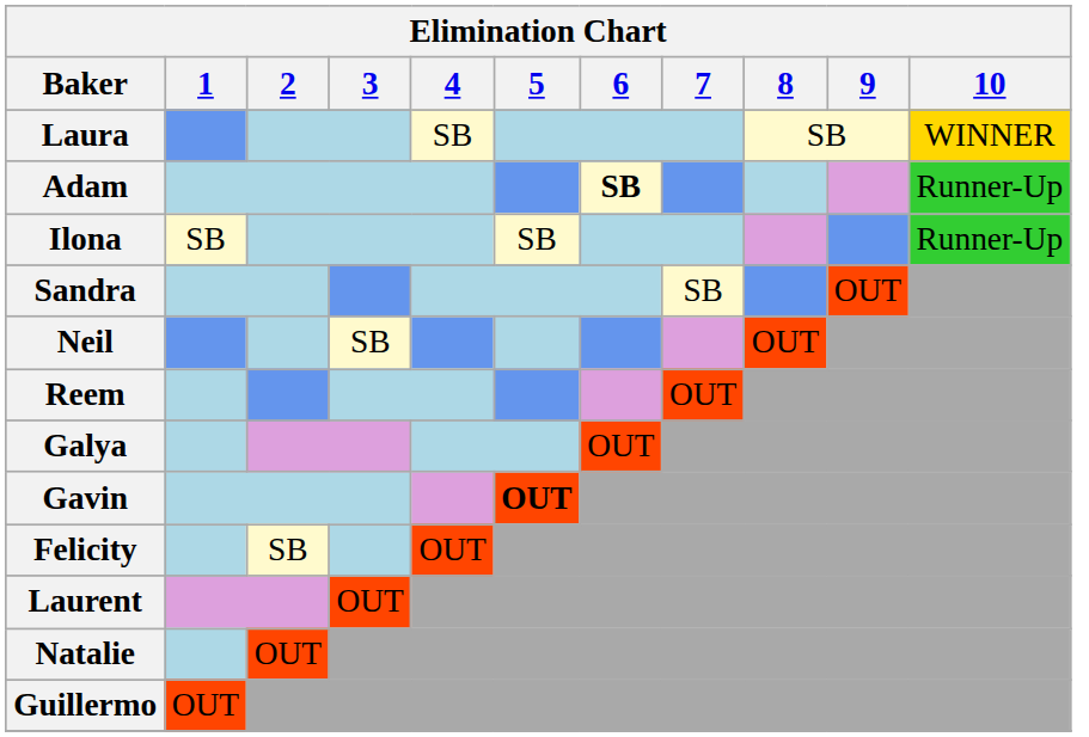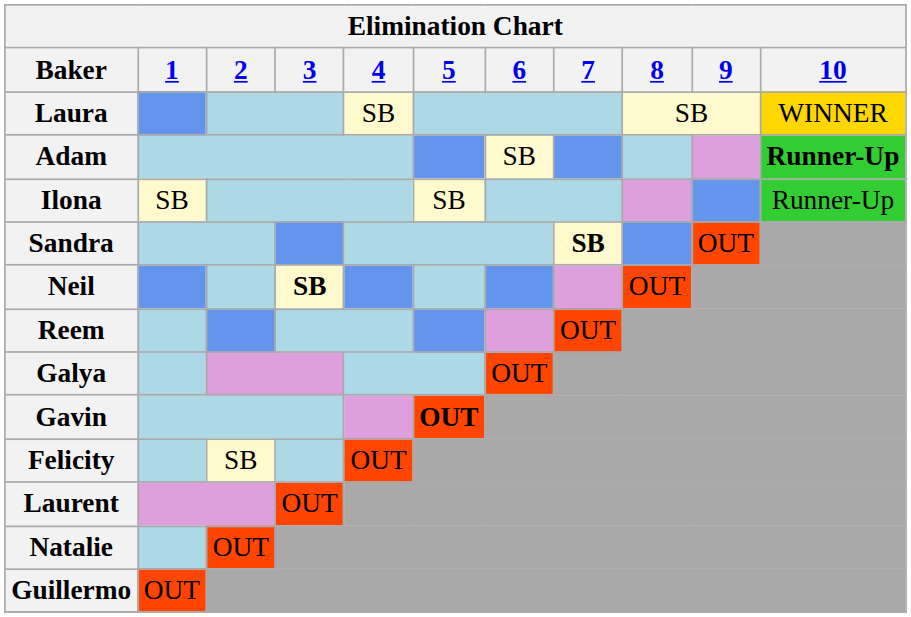 <table class="wikitable" style="text-align:center">
 <tr>
 <th colspan="11">Elimination Chart</th>
 </tr>
 <tr>
 <th>Baker</th>
 <th><a href='#'>1</a></th>
 <th><a href='#'>2</a></th>
 <th><a href='#'>3</a></th>
 <th><a href='#'>4</a></th>
 <th><a href='#'>5</a></th>
 <th><a href='#'>6</a></th>
 <th><a href='#'>7</a></th>
 <th><a href='#'>8</a></th>
 <th><a href='#'>9</a></th>
 <th><a href='#'>10</a></th>
 </tr>
 <tr>
 <th>Laura</th>
 <td style="background:CornflowerBlue;"></td>
 <td colspan="2" style="background:LightBlue;"></td>
 <td style="background:LemonChiffon;">SB</td>
 <td colspan="3" style="background:LightBlue;"></td>
 <td colspan="2" style="background:LemonChiffon;">SB</td>
 <td style="background:Gold;">WINNER</td>
 </tr>
 <tr>
 <th>Adam</th>
 <td colspan="4" style="background:LightBlue;"></td>
 <td style="background:CornflowerBlue;"></td>
-<td style="background:LemonChiffon;"><strong>SB</strong></td>
+<td style="background:LemonChiffon;">SB</td>
 <td style="background:CornflowerBlue;"></td>
 <td style="background:LightBlue;"></td>
 <td style="background:Plum;"></td>
-<td style="background:LimeGreen;">Runner-Up</td>
+<td style="background:LimeGreen;"><strong>Runner-Up</strong></td>
 </tr>
 <tr>
 <th>Ilona</th>
 <td style="background:LemonChiffon;">SB</td>
 <td colspan="3" style="background:LightBlue;"></td>
 <td style="background:LemonChiffon;">SB</td>
 <td colspan="2" style="background:LightBlue;"></td>
 <td style="background:Plum;"></td>
 <td style="background:CornflowerBlue;"></td>
 <td style="background:LimeGreen;">Runner-Up</td>
 </tr>
 <tr>
 <th>Sandra</th>
 <td colspan="2" style="background:LightBlue;"></td>
 <td style="background:CornflowerBlue;"></td>
 <td colspan="3" style="background:LightBlue;"></td>
-<td style="background:LemonChiffon;">SB</td>
+<td style="background:LemonChiffon;"><strong>SB</strong></td>
 <td style="background:CornflowerBlue;"></td>
 <td style="background:OrangeRed;">OUT</td>
 <td style="background:DarkGrey;"></td>
 </tr>
 <tr>
 <th>Neil</th>
 <td style="background:CornflowerBlue;"></td>
 <td style="background:LightBlue;"></td>
-<td style="background:LemonChiffon;">SB</td>
+<td style="background:LemonChiffon;"><strong>SB</strong></td>
 <td style="background:CornflowerBlue;"></td>
 <td style="background:LightBlue;"></td>
 <td style="background:CornflowerBlue;"></td>
 <td style="background:Plum;"></td>
 <td style="background:OrangeRed;">OUT</td>
 <td colspan="2" style="background:DarkGrey;"></td>
 </tr>
 <tr>
 <th>Reem</th>
 <td style="background:LightBlue;"></td>
 <td style="background:CornflowerBlue;"></td>
 <td colspan="2" style="background:LightBlue;"></td>
 <td style="background:CornflowerBlue;"></td>
 <td style="background:Plum;"></td>
 <td style="background:OrangeRed;">OUT</td>
 <td colspan="3" style="background:DarkGrey;"></td>
 </tr>
 <tr>
 <th>Galya</th>
 <td style="background:LightBlue;"></td>
 <td colspan="2" style="background:Plum;"></td>
 <td colspan="2" style="background:LightBlue;"></td>
 <td style="background:OrangeRed;">OUT</td>
 <td colspan="4" style="background:DarkGrey;"></td>
 </tr>
 <tr>
 <th>Gavin</th>
 <td colspan="3" style="background:LightBlue;"></td>
 <td style="background:Plum;"></td>
 <td style="background:OrangeRed;"><strong>OUT</strong></td>
 <td colspan="5" style="background:DarkGrey;"></td>
 </tr>
 <tr>
 <th>Felicity</th>
 <td style="background:LightBlue;"></td>
 <td style="background:LemonChiffon;">SB</td>
 <td style="background:LightBlue;"></td>
 <td style="background:OrangeRed;">OUT</td>
 <td colspan="6" style="background:DarkGrey;"></td>
 </tr>
 <tr>
 <th>Laurent</th>
 <td colspan="2" style="background:Plum;"></td>
 <td style="background:OrangeRed;">OUT</td>
 <td colspan="7" style="background:DarkGrey;"></td>
 </tr>
 <tr>
 <th>Natalie</th>
 <td style="background:LightBlue;"></td>
 <td style="background:OrangeRed;">OUT</td>
 <td colspan="8" style="background:DarkGrey;"></td>
 </tr>
 <tr>
 <th>Guillermo</th>
 <td style="background:OrangeRed;">OUT</td>
 <td colspan="9" style="background:DarkGrey;"></td>
 </tr>
 <tr>
 </tr>
 </table>
